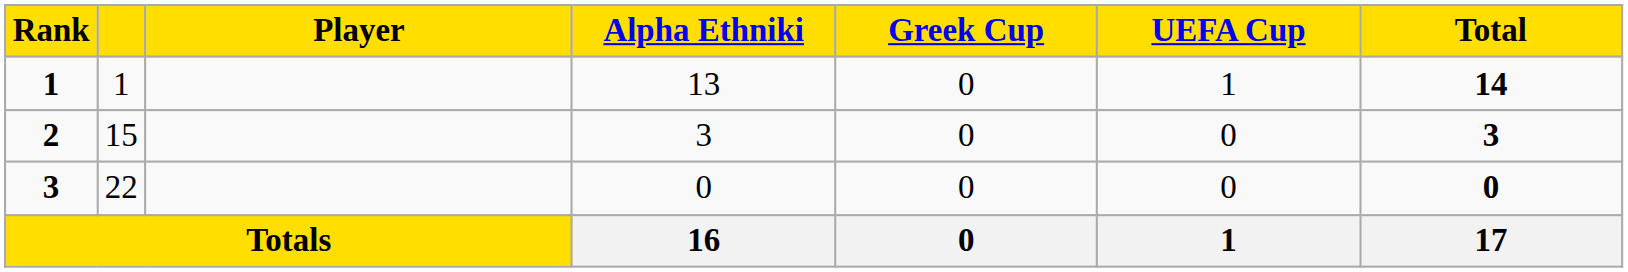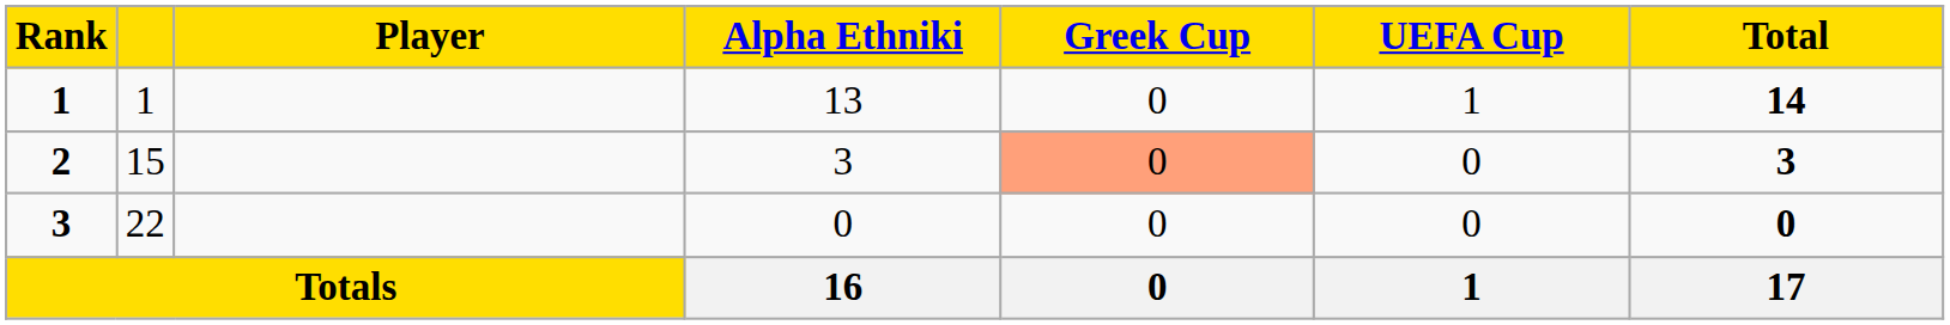 <table class="wikitable sortable" style="text-align:center">
 <tr>
 <th style="background:#FFDE00">Rank</th>
 <th style="background:#FFDE00"></th>
 <th width=200 style="background:#FFDE00">Player</th>
 <th width=120 style="background:#FFDE00"><a href='#'>Alpha Ethniki</a></th>
 <th width=120 style="background:#FFDE00"><a href='#'>Greek Cup</a></th>
 <th width=120 style="background:#FFDE00"><a href='#'>UEFA Cup</a></th>
 <th width=120 style="background:#FFDE00">Total</th>
 </tr>
 <tr>
 <td><strong>1</strong></td>
 <td>1</td>
 <td align=left></td>
 <td>13</td>
 <td>0</td>
 <td>1</td>
 <td><strong>14</strong></td>
 </tr>
 <tr>
 <td><strong>2</strong></td>
 <td>15</td>
 <td align=left></td>
 <td>3</td>
-<td>0</td>
+<td style="background: lightsalmon;">0</td>
 <td>0</td>
 <td><strong>3</strong></td>
 </tr>
 <tr>
 <td><strong>3</strong></td>
 <td>22</td>
 <td align=left></td>
 <td>0</td>
 <td>0</td>
 <td>0</td>
 <td><strong>0</strong></td>
 </tr>
 <tr class="sortbottom">
 <th colspan=3 style="background:#FFDE00"><strong>Totals</strong></th>
 <th><strong>16</strong></th>
 <th><strong> 0</strong></th>
 <th><strong> 1</strong></th>
 <th><strong>17</strong></th>
 </tr>
 </table>
